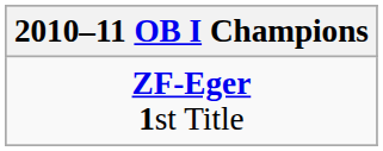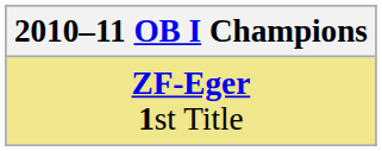 <table class=wikitable style="text-align:center; margin:auto">
 <tr>
 <th>2010–11 <a href='#'>OB I</a> Champions</th>
 </tr>
 <tr>
-<td><strong><a href='#'>ZF-Eger</a></strong><br><strong>1</strong>st Title</td>
+<td style="background: khaki;"><strong><a href='#'>ZF-Eger</a></strong><br><strong>1</strong>st Title</td>
 </tr>
 </table>
